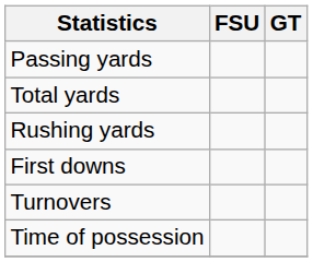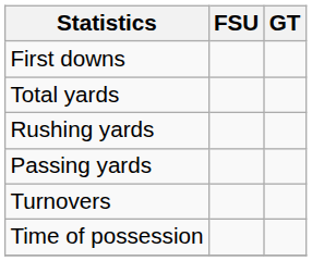 <table class="wikitable" style="float: left;">
 <tr>
 <th>Statistics</th>
 <th>FSU</th>
 <th>GT</th>
 </tr>
 <tr>
-<td>Passing yards</td>
+<td>First downs</td>
 <td></td>
 <td></td>
 </tr>
 <tr>
 <td>Total yards</td>
 <td></td>
 <td></td>
 </tr>
 <tr>
 <td>Rushing yards</td>
 <td></td>
 <td></td>
 </tr>
 <tr>
-<td>First downs</td>
+<td>Passing yards</td>
 <td></td>
 <td></td>
 </tr>
 <tr>
 <td>Turnovers</td>
 <td></td>
 <td></td>
 </tr>
 <tr>
 <td>Time of possession</td>
 <td></td>
 <td></td>
 </tr>
 <tr>
 </tr>
 </table>
